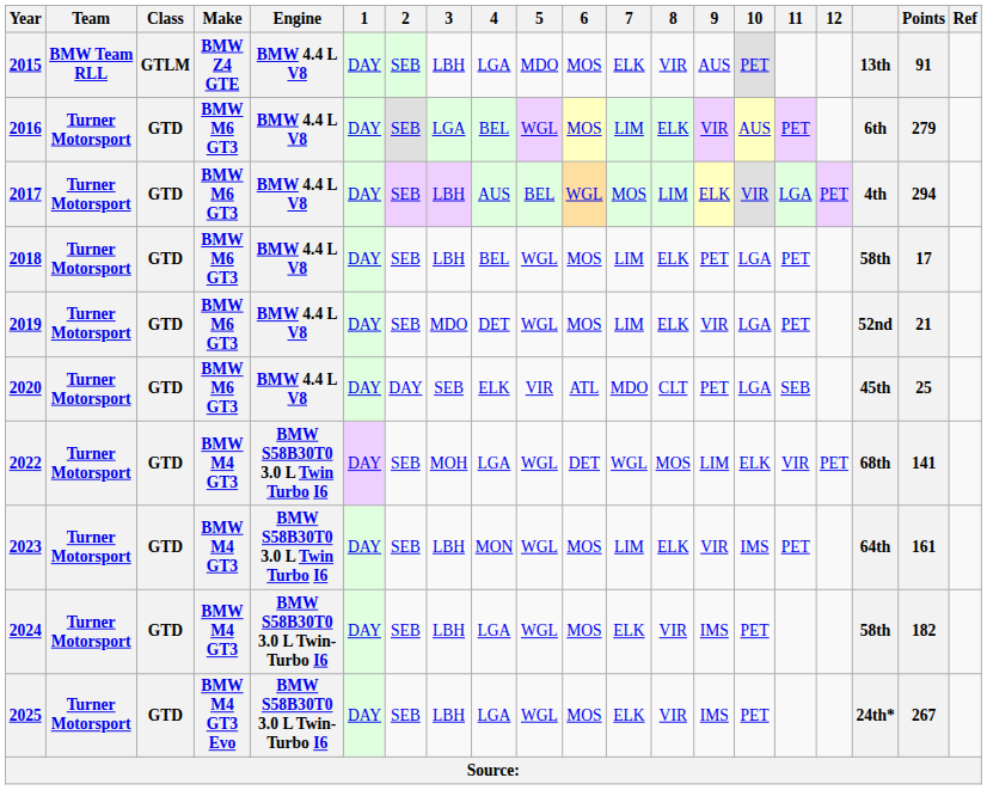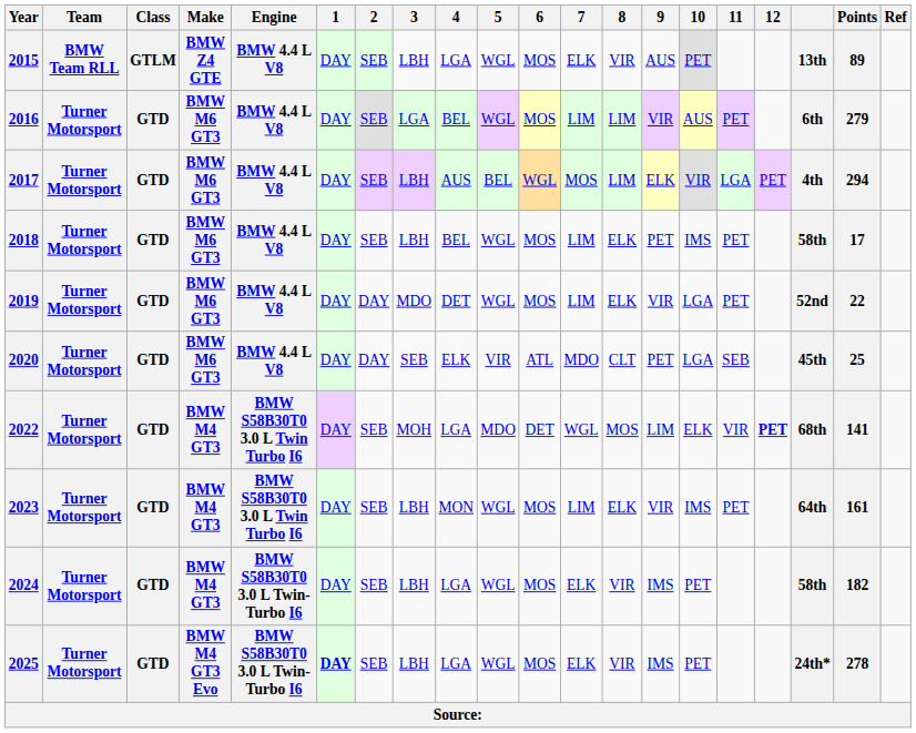 <table class="wikitable" style="text-align:center; font-size:90%">
 <tr>
 <th>Year</th>
 <th>Team</th>
 <th>Class</th>
 <th>Make</th>
 <th>Engine</th>
 <th>1</th>
 <th>2</th>
 <th>3</th>
 <th>4</th>
 <th>5</th>
 <th>6</th>
 <th>7</th>
 <th>8</th>
 <th>9</th>
 <th>10</th>
 <th>11</th>
 <th>12</th>
 <th></th>
 <th>Points</th>
 <th>Ref</th>
 </tr>
 <tr>
 <th><a href='#'>2015</a></th>
 <th><a href='#'>BMW Team RLL</a></th>
 <th>GTLM</th>
 <th><a href='#'>BMW Z4 GTE</a></th>
 <th><a href='#'>BMW</a> 4.4 L <a href='#'>V8</a></th>
 <td style="background:#dfffdf;"><a href='#'>DAY</a><br></td>
 <td style="background:#dfffdf;"><a href='#'>SEB</a><br></td>
 <td style="background:#;”"><a href='#'>LBH</a><br></td>
 <td style="background:#;"><a href='#'>LGA</a><br></td>
-<td style="background:#;”"><a href='#'>MDO</a><br></td>
+<td style="background:#;"><a href='#'>WGL</a><br></td>
 <td style="background:#;"><a href='#'>MOS</a><br></td>
 <td style="background:#;"><a href='#'>ELK</a><br></td>
 <td style="background:#;"><a href='#'>VIR</a><br></td>
 <td style="background:#;"><a href='#'>AUS</a><br></td>
 <td style="background:#DFDFDF;"><a href='#'>PET</a><br></td>
 <td></td>
 <td></td>
 <th>13th</th>
-<th>91</th>
+<th>89</th>
 <td></td>
 </tr>
 <tr>
 <th><a href='#'>2016</a></th>
 <th><a href='#'>Turner Motorsport</a></th>
 <th>GTD</th>
 <th><a href='#'>BMW M6 GT3</a></th>
 <th><a href='#'>BMW</a> 4.4 L <a href='#'>V8</a></th>
 <td style="background:#DFFFDF;"><a href='#'>DAY</a><br></td>
 <td style="background:#DFDFDF;”"><a href='#'>SEB</a><br></td>
 <td style="background:#DFFFDF;"><a href='#'>LGA</a><br></td>
 <td style="background:#DFFFDF;"><a href='#'>BEL</a><br></td>
 <td style="background:#EFCFFF;"><a href='#'>WGL</a><br></td>
 <td style="background:#FFFFBF;”"><a href='#'>MOS</a><br></td>
 <td style="background:#DFFFDF;"><a href='#'>LIM</a><br></td>
-<td style="background:#DFFFDF;"><a href='#'>ELK</a><br></td>
+<td style="background:#DFFFDF;"><a href='#'>LIM</a><br></td>
 <td style="background:#EFCFFF;"><a href='#'>VIR</a><br></td>
 <td style="background:#FFFFBF;”"><a href='#'>AUS</a><br></td>
 <td style="background:#EFCFFF;"><a href='#'>PET</a><br></td>
 <td></td>
 <th>6th</th>
 <th>279</th>
 <td></td>
 </tr>
 <tr>
 <th><a href='#'>2017</a></th>
 <th><a href='#'>Turner Motorsport</a></th>
 <th>GTD</th>
 <th><a href='#'>BMW M6 GT3</a></th>
 <th><a href='#'>BMW</a> 4.4 L <a href='#'>V8</a></th>
 <td style="background:#DFFFDF;"><a href='#'>DAY</a><br></td>
 <td style="background:#EFCFFF;"><a href='#'>SEB</a><br></td>
 <td style="background:#EFCFFF;"><a href='#'>LBH</a><br></td>
 <td style="background:#DFFFDF;"><a href='#'>AUS</a><br></td>
 <td style="background:#DFFFDF;"><a href='#'>BEL</a><br></td>
 <td style="background:#FFDF9F;”"><a href='#'>WGL</a><br></td>
 <td style="background:#DFFFDF;"><a href='#'>MOS</a><br></td>
 <td style="background:#DFFFDF;"><a href='#'>LIM</a><br></td>
 <td style="background:#FFFFBF;”"><a href='#'>ELK</a><br></td>
 <td style="background:#DFDFDF;”"><a href='#'>VIR</a><br></td>
 <td style="background:#DFFFDF;"><a href='#'>LGA</a><br></td>
 <td style="background:#EFCFFF;"><a href='#'>PET</a><br></td>
 <th>4th</th>
 <th>294</th>
 <td></td>
 </tr>
 <tr>
 <th><a href='#'>2018</a></th>
 <th><a href='#'>Turner Motorsport</a></th>
 <th>GTD</th>
 <th><a href='#'>BMW M6 GT3</a></th>
 <th><a href='#'>BMW</a> 4.4 L <a href='#'>V8</a></th>
 <td style="background:#DFFFDF;"><a href='#'>DAY</a><br></td>
 <td style="background:#;"><a href='#'>SEB</a><br></td>
 <td style="background:#;”"><a href='#'>LBH</a><br></td>
 <td style="background:#;"><a href='#'>BEL</a><br></td>
 <td style="background:#;"><a href='#'>WGL</a><br></td>
 <td style="background:#;"><a href='#'>MOS</a><br></td>
 <td style="background:#;"><a href='#'>LIM</a><br></td>
 <td style="background:#;"><a href='#'>ELK</a><br></td>
 <td style="background:#;"><a href='#'>PET</a><br></td>
-<td style="background:#;"><a href='#'>LGA</a><br></td>
+<td style="background:#;”"><a href='#'>IMS</a><br></td>
 <td style="background:#;"><a href='#'>PET</a><br></td>
 <td></td>
 <th>58th</th>
 <th>17</th>
 <td></td>
 </tr>
 <tr>
 <th><a href='#'>2019</a></th>
 <th><a href='#'>Turner Motorsport</a></th>
 <th>GTD</th>
 <th><a href='#'>BMW M6 GT3</a></th>
 <th><a href='#'>BMW</a> 4.4 L <a href='#'>V8</a></th>
 <td style="background:#DFFFDF;"><a href='#'>DAY</a><br></td>
-<td style="background:#;"><a href='#'>SEB</a><br></td>
+<td style="background:#;"><a href='#'>DAY</a><br></td>
 <td style="background:#;"><a href='#'>MDO</a><br></td>
 <td style="background:#;"><a href='#'>DET</a><br></td>
 <td style="background:#;"><a href='#'>WGL</a><br></td>
 <td style="background:#;"><a href='#'>MOS</a><br></td>
 <td style="background:#;"><a href='#'>LIM</a><br></td>
 <td style="background:#;"><a href='#'>ELK</a><br></td>
 <td style="background:#;"><a href='#'>VIR</a><br></td>
 <td style="background:#;"><a href='#'>LGA</a><br></td>
 <td style="background:#;"><a href='#'>PET</a><br></td>
 <td></td>
 <th>52nd</th>
-<th>21</th>
+<th>22</th>
 <td></td>
 </tr>
 <tr>
 <th><a href='#'>2020</a></th>
 <th><a href='#'>Turner Motorsport</a></th>
 <th>GTD</th>
 <th><a href='#'>BMW M6 GT3</a></th>
 <th><a href='#'>BMW</a> 4.4 L <a href='#'>V8</a></th>
 <td style="background:#DFFFDF;"><a href='#'>DAY</a><br></td>
 <td style="background:#;"><a href='#'>DAY</a><br></td>
 <td style="background:#;"><a href='#'>SEB</a><br></td>
 <td style="background:#;"><a href='#'>ELK</a><br></td>
 <td style="background:#;"><a href='#'>VIR</a><br></td>
 <td style="background:#;"><a href='#'>ATL</a><br></td>
 <td style="background:#;"><a href='#'>MDO</a><br></td>
 <td style="background:#;"><a href='#'>CLT</a><br></td>
 <td style="background:#;"><a href='#'>PET</a><br></td>
 <td style="background:#;"><a href='#'>LGA</a><br></td>
 <td style="background:#;"><a href='#'>SEB</a><br></td>
 <td></td>
 <th>45th</th>
 <th>25</th>
 <td></td>
 </tr>
 <tr>
 <th><a href='#'>2022</a></th>
 <th><a href='#'>Turner Motorsport</a></th>
 <th>GTD</th>
 <th><a href='#'>BMW M4 GT3</a></th>
 <th><a href='#'>BMW</a> <a href='#'>S58B30T0</a> 3.0 L <a href='#'>Twin Turbo</a> <a href='#'>I6</a></th>
 <td style="background:#EFCFFF;"><a href='#'>DAY</a><br></td>
 <td style="background:#;”"><a href='#'>SEB</a><br></td>
 <td style="background:#;"><a href='#'>MOH</a><br></td>
 <td style="background:#;”"><a href='#'>LGA</a><br></td>
-<td style="background:#;"><a href='#'>WGL</a><br></td>
+<td style="background:#;”"><a href='#'>MDO</a><br></td>
 <td style="background:#;”"><a href='#'>DET</a><br></td>
 <td style="background:#;”"><a href='#'>WGL</a><br></td>
 <td style="background:#;”"><a href='#'>MOS</a><br></td>
 <td style="background:#;”"><a href='#'>LIM</a><br></td>
 <td style="background:#;”"><a href='#'>ELK</a><br></td>
 <td style="background:#;”"><a href='#'>VIR</a><br></td>
-<td style="background:#;”"><a href='#'>PET</a><br></td>
+<td style="background:#;”"><strong><a href='#'>PET</a><br></strong></td>
 <th>68th</th>
 <th>141</th>
 <td></td>
 </tr>
 <tr>
 <th><a href='#'>2023</a></th>
 <th><a href='#'>Turner Motorsport</a></th>
 <th>GTD</th>
 <th><a href='#'>BMW M4 GT3</a></th>
 <th><a href='#'>BMW</a> <a href='#'>S58B30T0</a> 3.0 L <a href='#'>Twin Turbo</a> <a href='#'>I6</a></th>
 <td style="background:#DFFFDF;"><a href='#'>DAY</a><br></td>
 <td style="background:#;”"><a href='#'>SEB</a><br></td>
 <td style="background:#;”"><a href='#'>LBH</a><br></td>
 <td style="background:#;”"><a href='#'>MON</a><br></td>
 <td style="background:#;”"><a href='#'>WGL</a><br></td>
 <td style="background:#;”"><a href='#'>MOS</a><br></td>
 <td style="background:#;”"><a href='#'>LIM</a><br></td>
 <td style="background:#;”"><a href='#'>ELK</a><br></td>
 <td style="background:#;”"><a href='#'>VIR</a><br></td>
 <td style="background:#;”"><a href='#'>IMS</a><br></td>
 <td style="background:#;”"><a href='#'>PET</a><br></td>
 <td></td>
 <th>64th</th>
 <th>161</th>
 <td></td>
 </tr>
 <tr>
 <th><a href='#'>2024</a></th>
 <th><a href='#'>Turner Motorsport</a></th>
 <th>GTD</th>
 <th><a href='#'>BMW M4 GT3</a></th>
 <th><a href='#'>BMW</a> <a href='#'>S58B30T0</a> 3.0 L Twin-Turbo <a href='#'>I6</a></th>
 <td style="background:#DFFFDF;"><a href='#'>DAY</a><br></td>
 <td><a href='#'>SEB</a></td>
 <td><a href='#'>LBH</a></td>
 <td><a href='#'>LGA</a></td>
 <td><a href='#'>WGL</a></td>
 <td><a href='#'>MOS</a></td>
 <td><a href='#'>ELK</a></td>
 <td><a href='#'>VIR</a></td>
 <td><a href='#'>IMS</a></td>
 <td><a href='#'>PET</a></td>
 <td></td>
 <td></td>
 <th>58th</th>
 <th>182</th>
 <td></td>
 </tr>
 <tr>
 <th><a href='#'>2025</a></th>
 <th><a href='#'>Turner Motorsport</a></th>
 <th>GTD</th>
 <th><a href='#'>BMW M4 GT3 Evo</a></th>
 <th><a href='#'>BMW</a> <a href='#'>S58B30T0</a> 3.0 L Twin-Turbo <a href='#'>I6</a></th>
-<td style="background:#DFFFDF;"><a href='#'>DAY</a><br></td>
+<td style="background:#DFFFDF;"><strong><a href='#'>DAY</a><br></strong></td>
 <td><a href='#'>SEB</a></td>
 <td><a href='#'>LBH</a></td>
 <td><a href='#'>LGA</a></td>
 <td><a href='#'>WGL</a></td>
 <td><a href='#'>MOS</a></td>
 <td><a href='#'>ELK</a></td>
 <td><a href='#'>VIR</a></td>
 <td><a href='#'>IMS</a></td>
 <td><a href='#'>PET</a></td>
 <td></td>
 <td></td>
 <th>24th*</th>
-<th>267</th>
+<th>278</th>
 <td></td>
 </tr>
 <tr>
 <th colspan="20">Source:</th>
 </tr>
 </table>
